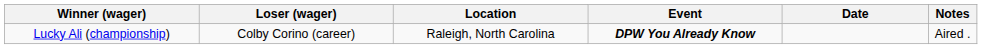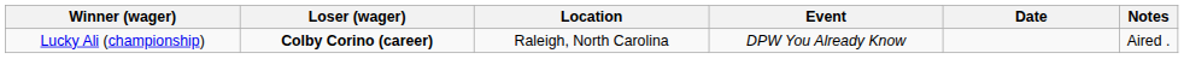 <table class="wikitable sortable" width=100%  style="text-align: center">
 <tr>
 <th width=20% scope="col">Winner (wager)</th>
 <th width=20% scope="col">Loser (wager)</th>
 <th width=20% scope="col">Location</th>
 <th width=20% scope="col">Event</th>
 <th width=15% scope="col">Date</th>
 <th class="unsortable" width=5% scope="col">Notes</th>
 </tr>
 <tr>
 <td><a href='#'>Lucky Ali</a> (<a href='#'>championship</a>)</td>
-<td>Colby Corino (career)</td>
+<td><strong>Colby Corino (career)</strong></td>
 <td>Raleigh, North Carolina</td>
-<td><strong><em>DPW You Already Know</em></strong></td>
+<td><em>DPW You Already Know</em></td>
 <td></td>
 <td>Aired .</td>
 </tr>
 </table>
